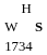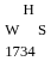 <table style="margin:1em auto;">
 <tr>
 <td></td>
 <td>H</td>
 <td></td>
 </tr>
 <tr>
 <td>W</td>
 <td></td>
-<td><strong>S</strong></td>
+<td>S</td>
 </tr>
 <tr>
 <td colspan=3>1734</td>
 </tr>
 </table>
